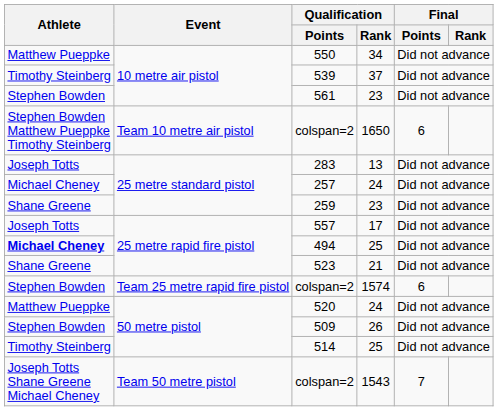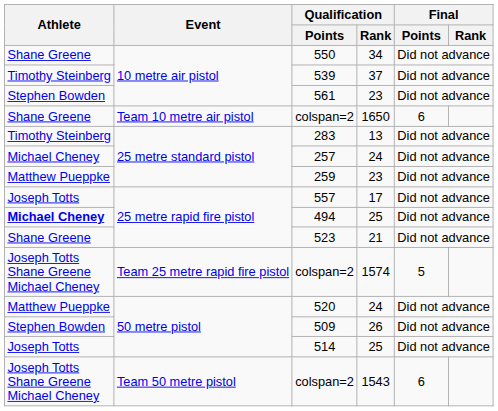 <table class="wikitable" style="font-size:90%;">
 <tr>
 <th rowspan=2>Athlete</th>
 <th rowspan=2>Event</th>
 <th colspan=2>Qualification</th>
 <th colspan=2>Final</th>
 </tr>
 <tr>
 <th>Points</th>
 <th>Rank</th>
 <th>Points</th>
 <th>Rank</th>
 </tr>
 <tr align=center>
-<td align=left><a href='#'>Matthew Pueppke</a></td>
+<td align=left><a href='#'>Shane Greene</a></td>
 <td align=left rowspan=3><a href='#'>10 metre air pistol</a></td>
 <td>550</td>
 <td>34</td>
 <td colspan=2 align=center>Did not advance</td>
 </tr>
 <tr align=center>
 <td align=left><a href='#'>Timothy Steinberg</a></td>
 <td>539</td>
 <td>37</td>
 <td colspan=2 align=center>Did not advance</td>
 </tr>
 <tr align=center>
 <td align=left><a href='#'>Stephen Bowden</a></td>
 <td>561</td>
 <td>23</td>
 <td colspan=2 align=center>Did not advance</td>
 </tr>
 <tr align=center>
-<td align=left><a href='#'>Stephen Bowden</a> <br> <a href='#'>Matthew Pueppke</a> <br> <a href='#'>Timothy Steinberg</a></td>
+<td align=left><a href='#'>Shane Greene</a></td>
 <td align=left><a href='#'>Team 10 metre air pistol</a></td>
 <td>colspan=2 </td>
 <td>1650</td>
 <td>6</td>
 </tr>
 <tr align=center>
-<td align=left><a href='#'>Joseph Totts</a></td>
+<td align=left><a href='#'>Timothy Steinberg</a></td>
 <td align=left rowspan=3><a href='#'>25 metre standard pistol</a></td>
 <td>283</td>
 <td>13</td>
 <td colspan=2 align=center>Did not advance</td>
 </tr>
 <tr align=center>
 <td align=left><a href='#'>Michael Cheney</a></td>
 <td>257</td>
 <td>24</td>
 <td colspan=2 align=center>Did not advance</td>
 </tr>
 <tr align=center>
-<td align=left><a href='#'>Shane Greene</a></td>
+<td align=left><a href='#'>Matthew Pueppke</a></td>
 <td>259</td>
 <td>23</td>
 <td colspan=2 align=center>Did not advance</td>
 </tr>
 <tr align=center>
 <td align=left><a href='#'>Joseph Totts</a></td>
 <td align=left rowspan=3><a href='#'>25 metre rapid fire pistol</a></td>
 <td>557</td>
 <td>17</td>
 <td colspan=2 align=center>Did not advance</td>
 </tr>
 <tr align=center>
 <td align=left><strong><a href='#'>Michael Cheney</a></strong></td>
 <td>494</td>
 <td>25</td>
 <td colspan=2 align=center>Did not advance</td>
 </tr>
 <tr align=center>
 <td align=left><a href='#'>Shane Greene</a></td>
 <td>523</td>
 <td>21</td>
 <td colspan=2 align=center>Did not advance</td>
 </tr>
 <tr align=center>
-<td align=left><a href='#'>Stephen Bowden</a></td>
+<td align=left><a href='#'>Joseph Totts</a> <br> <a href='#'>Shane Greene</a> <br> <a href='#'>Michael Cheney</a></td>
 <td align=left><a href='#'>Team 25 metre rapid fire pistol</a></td>
 <td>colspan=2 </td>
 <td>1574</td>
-<td>6</td>
+<td>5</td>
 </tr>
 <tr align=center>
 <td align=left><a href='#'>Matthew Pueppke</a></td>
 <td align=left rowspan=3><a href='#'>50 metre pistol</a></td>
 <td>520</td>
 <td>24</td>
 <td colspan=2 align=center>Did not advance</td>
 </tr>
 <tr align=center>
 <td align=left><a href='#'>Stephen Bowden</a></td>
 <td>509</td>
 <td>26</td>
 <td colspan=2 align=center>Did not advance</td>
 </tr>
 <tr align=center>
-<td align=left><a href='#'>Timothy Steinberg</a></td>
+<td align=left><a href='#'>Joseph Totts</a></td>
 <td>514</td>
 <td>25</td>
 <td colspan=2 align=center>Did not advance</td>
 </tr>
 <tr align=center>
 <td align=left><a href='#'>Joseph Totts</a> <br> <a href='#'>Shane Greene</a> <br> <a href='#'>Michael Cheney</a></td>
 <td align=left><a href='#'>Team 50 metre pistol</a></td>
 <td>colspan=2 </td>
 <td>1543</td>
-<td>7</td>
+<td>6</td>
 </tr>
 </table>
